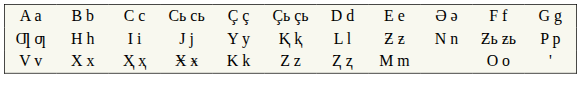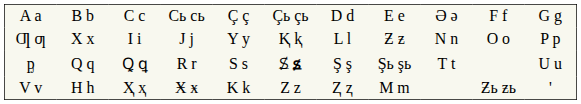 <table style="font-family:Arial Unicode MS; font-size:1.4em; border-color:#000000; border-width:1px; border-style:solid; border-collapse:collapse; background-color:#F8F8EF">
 <tr>
 <td style="width:3em; text-align:center; padding: 3px;">A a</td>
 <td style="width:3em; text-align:center; padding: 3px;">B b</td>
 <td style="width:3em; text-align:center; padding: 3px;">C c</td>
 <td style="width:3em; text-align:center; padding: 3px;">Cь cь</td>
 <td style="width:3em; text-align:center; padding: 3px;">Ç ç</td>
 <td style="width:3em; text-align:center; padding: 3px;">Çь çь</td>
 <td style="width:3em; text-align:center; padding: 3px;">D d</td>
 <td style="width:3em; text-align:center; padding: 3px;">E e</td>
 <td style="width:3em; text-align:center; padding: 3px;">Ә ә</td>
 <td style="width:3em; text-align:center; padding: 3px;">F f</td>
 <td style="width:3em; text-align:center; padding: 3px;">G g</td>
 </tr>
 <tr>
 <td style="width:3em; text-align:center; padding: 3px;">Ƣ ƣ</td>
-<td style="width:3em; text-align:center; padding: 3px;">H h</td>
+<td style="width:3em; text-align:center; padding: 3px;">X x</td>
 <td style="width:3em; text-align:center; padding: 3px;">I i</td>
 <td style="width:3em; text-align:center; padding: 3px;">J j</td>
 <td style="width:3em; text-align:center; padding: 3px;">Y y</td>
 <td style="width:3em; text-align:center; padding: 3px;">Ⱪ ⱪ</td>
 <td style="width:3em; text-align:center; padding: 3px;">L l</td>
 <td style="width:3em; text-align:center; padding: 3px;">Ƶ ƶ</td>
 <td style="width:3em; text-align:center; padding: 3px;">N n</td>
-<td style="width:3em; text-align:center; padding: 3px;">Ƶь ƶь</td>
+<td style="width:3em; text-align:center; padding: 3px;">O o</td>
 <td style="width:3em; text-align:center; padding: 3px;">P p</td>
 </tr>
 <tr>
+<td style="width:3em; text-align:center; padding: 3px;"> ᶈ</td>
+<td style="width:3em; text-align:center; padding: 3px;">Q q</td>
+<td style="width:3em; text-align:center; padding: 3px;">Ꝗ ꝗ</td>
+<td style="width:3em; text-align:center; padding: 3px;">R r</td>
+<td style="width:3em; text-align:center; padding: 3px;">S s</td>
+<td style="width:3em; text-align:center; padding: 3px;">Ꟍ <strong>ꟍ</strong></td>
+<td style="width:3em; text-align:center; padding: 3px;">Ş ş</td>
+<td style="width:3em; text-align:center; padding: 3px;">Şь şь</td>
+<td style="width:3em; text-align:center; padding: 3px;">T t</td>
+<td style="width:3em; text-align:center; padding: 3px;"> </td>
+<td style="width:3em; text-align:center; padding: 3px;">U u</td>
+</tr>
+<tr>
 <td style="width:3em; text-align:center; padding: 3px;">V v</td>
-<td style="width:3em; text-align:center; padding: 3px;">X x</td>
+<td style="width:3em; text-align:center; padding: 3px;">H h</td>
 <td style="width:3em; text-align:center; padding: 3px;">Ҳ ҳ</td>
 <td style="width:3em; text-align:center; padding: 3px;">Ӿ ӿ</td>
 <td style="width:3em; text-align:center; padding: 3px;">K k</td>
 <td style="width:3em; text-align:center; padding: 3px;">Z z</td>
 <td style="width:3em; text-align:center; padding: 3px;">Ⱬ ⱬ</td>
 <td style="width:3em; text-align:center; padding: 3px;">M m</td>
 <td style="width:3em; text-align:center; padding: 3px;"> </td>
-<td style="width:3em; text-align:center; padding: 3px;">O o</td>
+<td style="width:3em; text-align:center; padding: 3px;">Ƶь ƶь</td>
 <td style="width:3em; text-align:center; padding: 3px;">'</td>
 </tr>
 </table>
